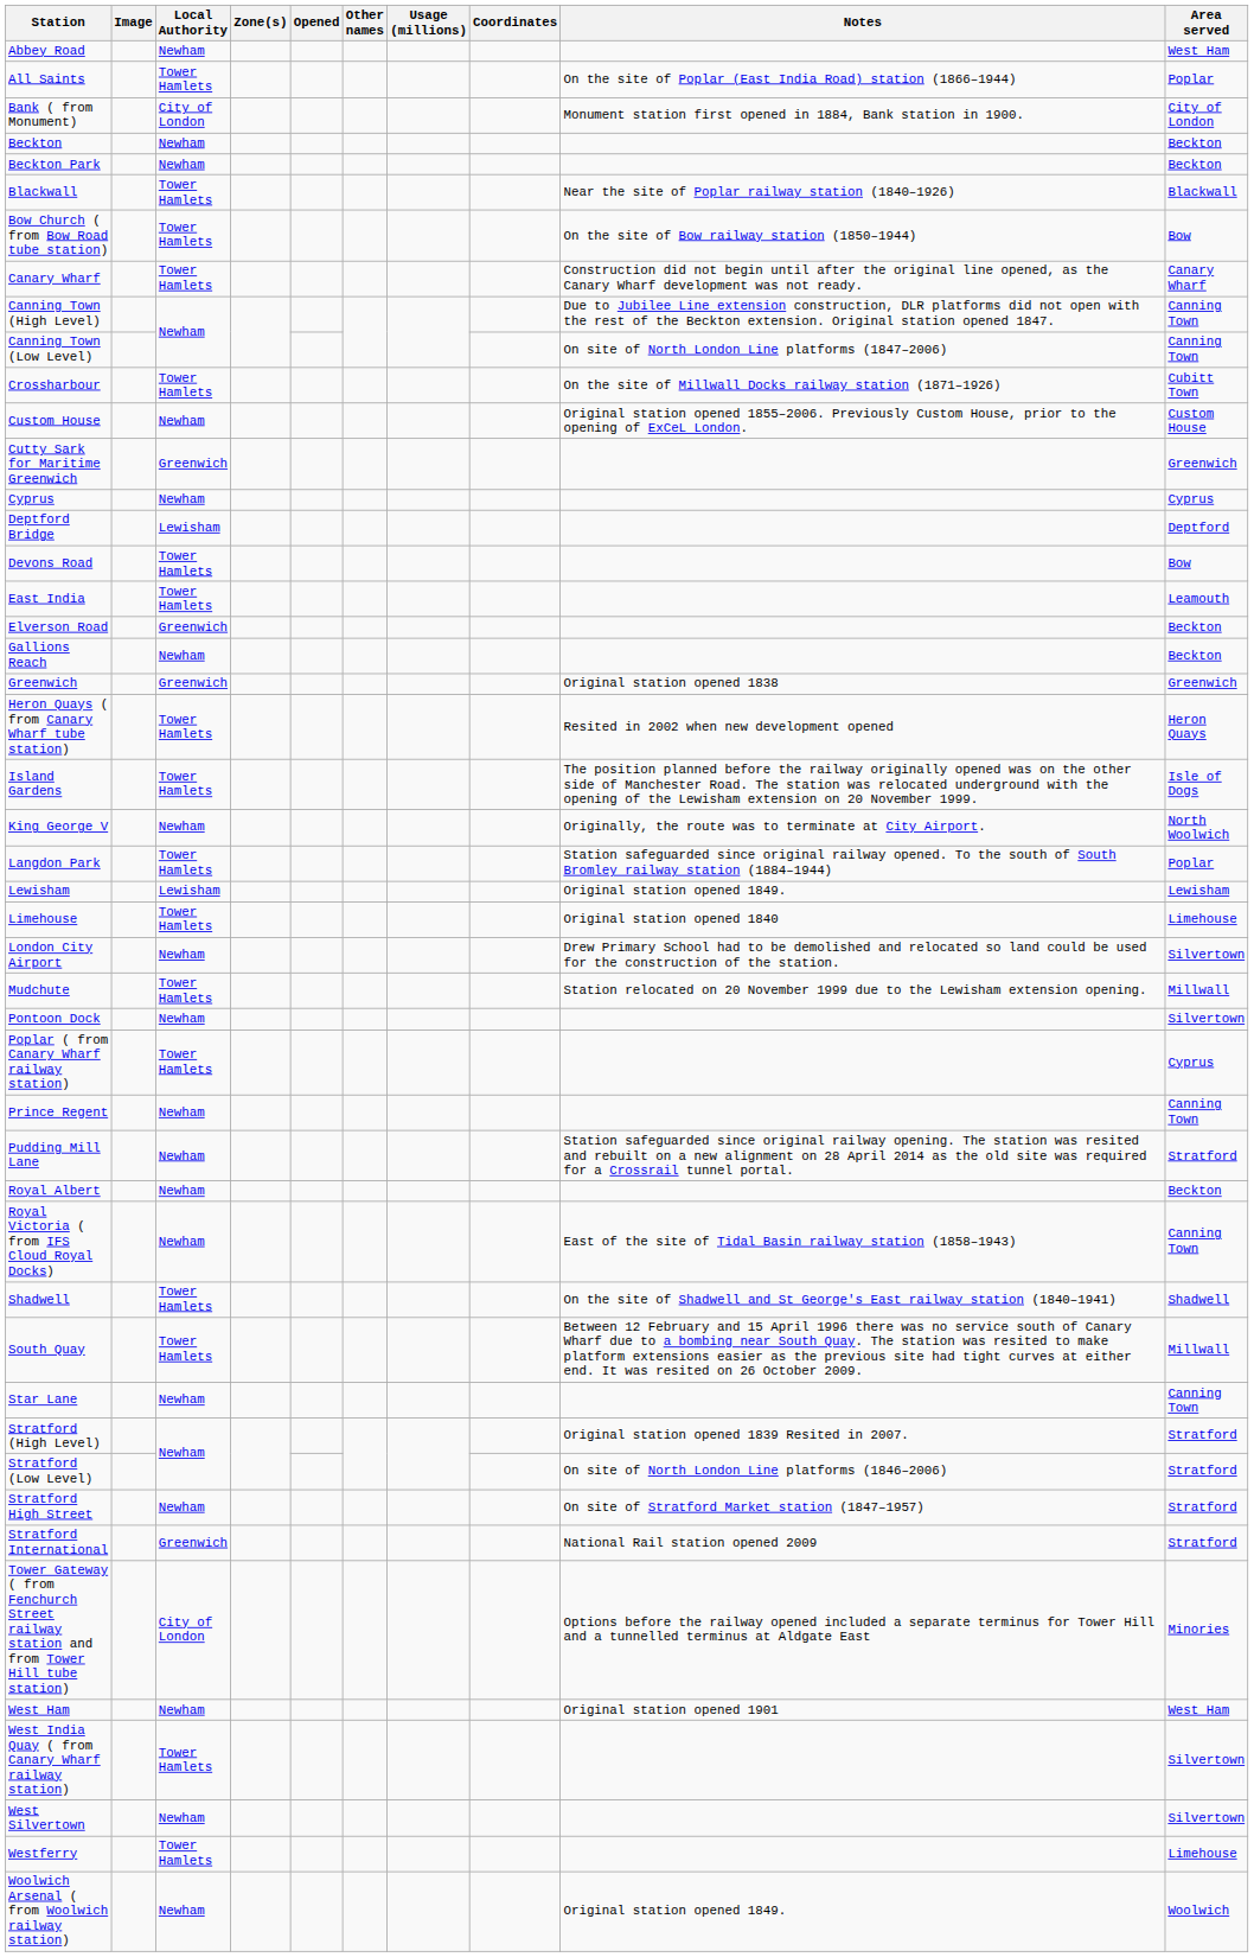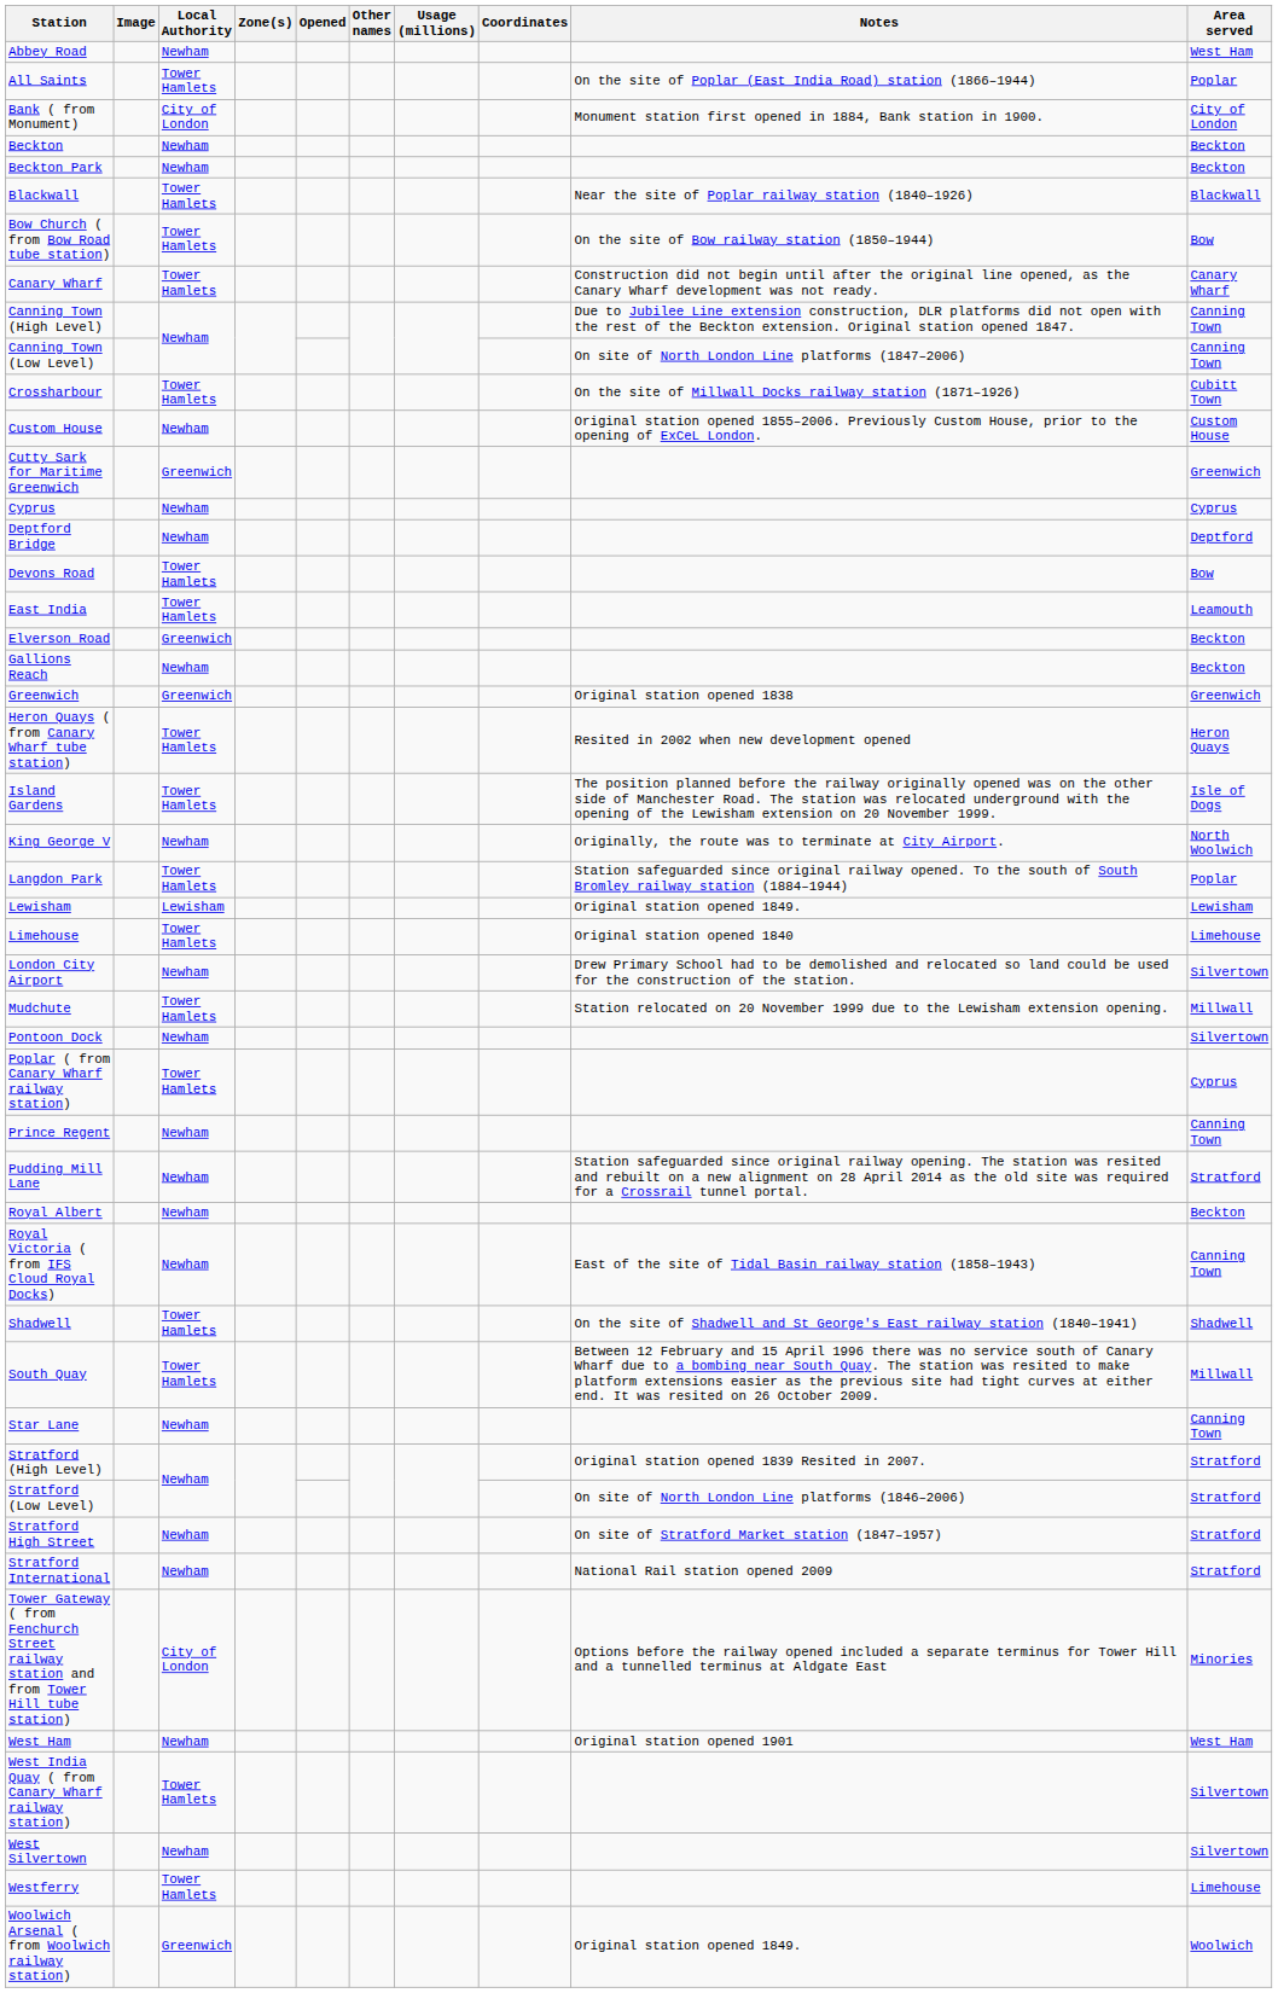 <table class="wikitable sortable" width="100%">
 <tr>
 <th>Station</th>
 <th class="unsortable" scope="col" width="80">Image</th>
 <th>Local Authority</th>
 <th>Zone(s)</th>
 <th>Opened</th>
 <th>Other names</th>
 <th>Usage (millions)</th>
 <th>Coordinates</th>
 <th class="unsortable" scope="col" width="100%">Notes</th>
 <th>Area served</th>
 </tr>
 <tr>
 <td><a href='#'>Abbey Road</a></td>
 <td></td>
 <td><a href='#'>Newham</a></td>
 <td></td>
 <td></td>
 <td></td>
 <td></td>
 <td></td>
 <td></td>
 <td><a href='#'>West Ham</a></td>
 </tr>
 <tr>
 <td><a href='#'>All Saints</a></td>
 <td></td>
 <td><a href='#'>Tower Hamlets</a></td>
 <td></td>
 <td></td>
 <td></td>
 <td></td>
 <td></td>
 <td>On the site of <a href='#'>Poplar (East India Road) station</a> (1866–1944)</td>
 <td><a href='#'>Poplar</a></td>
 </tr>
 <tr>
 <td><a href='#'>Bank</a>    (  from Monument)</td>
 <td></td>
 <td><a href='#'>City of London</a></td>
 <td></td>
 <td></td>
 <td></td>
 <td></td>
 <td></td>
 <td>Monument station first opened in 1884, Bank station in 1900.</td>
 <td><a href='#'>City of London</a></td>
 </tr>
 <tr>
 <td><a href='#'>Beckton</a></td>
 <td></td>
 <td><a href='#'>Newham</a></td>
 <td></td>
 <td></td>
 <td></td>
 <td></td>
 <td></td>
 <td></td>
 <td><a href='#'>Beckton</a></td>
 </tr>
 <tr>
 <td><a href='#'>Beckton Park</a></td>
 <td></td>
 <td><a href='#'>Newham</a></td>
 <td></td>
 <td></td>
 <td></td>
 <td></td>
 <td></td>
 <td></td>
 <td><a href='#'>Beckton</a></td>
 </tr>
 <tr>
 <td><a href='#'>Blackwall</a></td>
 <td></td>
 <td><a href='#'>Tower Hamlets</a></td>
 <td></td>
 <td></td>
 <td></td>
 <td></td>
 <td></td>
 <td>Near the site of <a href='#'>Poplar railway station</a> (1840–1926)</td>
 <td><a href='#'>Blackwall</a></td>
 </tr>
 <tr>
 <td><a href='#'>Bow Church</a> (  from <a href='#'>Bow Road tube station</a>)</td>
 <td></td>
 <td><a href='#'>Tower Hamlets</a></td>
 <td></td>
 <td></td>
 <td></td>
 <td></td>
 <td></td>
 <td>On the site of <a href='#'>Bow railway station</a> (1850–1944)</td>
 <td><a href='#'>Bow</a></td>
 </tr>
 <tr>
 <td><a href='#'>Canary Wharf</a>  </td>
 <td></td>
 <td><a href='#'>Tower Hamlets</a></td>
 <td></td>
 <td></td>
 <td></td>
 <td></td>
 <td></td>
 <td>Construction did not begin until after the original line opened, as the Canary Wharf development was not ready.</td>
 <td><a href='#'>Canary Wharf</a></td>
 </tr>
 <tr>
 <td><a href='#'>Canning Town</a><br>(High Level) </td>
 <td></td>
 <td rowspan="2"><a href='#'>Newham</a></td>
 <td rowspan="2"></td>
 <td></td>
 <td rowspan="2"></td>
 <td rowspan="2"></td>
 <td></td>
 <td>Due to <a href='#'>Jubilee Line extension</a> construction, DLR platforms did not open with the rest of the Beckton extension. Original station opened 1847.</td>
 <td><a href='#'>Canning Town</a></td>
 </tr>
 <tr>
 <td><a href='#'>Canning Town</a><br>(Low Level) </td>
 <td><br></td>
 <td><br> </td>
 <td></td>
 <td>On site of <a href='#'>North London Line</a> platforms (1847–2006)</td>
 <td><a href='#'>Canning Town</a></td>
 </tr>
 <tr>
 <td><a href='#'>Crossharbour</a></td>
 <td></td>
 <td><a href='#'>Tower Hamlets</a></td>
 <td></td>
 <td></td>
 <td></td>
 <td></td>
 <td></td>
 <td>On the site of <a href='#'>Millwall Docks railway station</a> (1871–1926)</td>
 <td><a href='#'>Cubitt Town</a></td>
 </tr>
 <tr>
 <td><a href='#'>Custom House</a> </td>
 <td></td>
 <td><a href='#'>Newham</a></td>
 <td></td>
 <td></td>
 <td></td>
 <td></td>
 <td></td>
 <td>Original station opened 1855–2006. Previously Custom House, prior to the opening of <a href='#'>ExCeL London</a>.</td>
 <td><a href='#'>Custom House</a></td>
 </tr>
 <tr>
 <td><a href='#'>Cutty Sark for Maritime Greenwich</a></td>
 <td></td>
 <td><a href='#'>Greenwich</a></td>
 <td></td>
 <td></td>
 <td></td>
 <td></td>
 <td></td>
 <td></td>
 <td><a href='#'>Greenwich</a></td>
 </tr>
 <tr>
 <td><a href='#'>Cyprus</a></td>
 <td></td>
 <td><a href='#'>Newham</a></td>
 <td></td>
 <td></td>
 <td></td>
 <td></td>
 <td></td>
 <td></td>
 <td><a href='#'>Cyprus</a></td>
 </tr>
 <tr>
 <td><a href='#'>Deptford Bridge</a></td>
 <td></td>
-<td><a href='#'>Lewisham</a></td>
+<td><a href='#'>Newham</a></td>
 <td></td>
 <td></td>
 <td></td>
 <td></td>
 <td></td>
 <td></td>
 <td><a href='#'>Deptford</a></td>
 </tr>
 <tr>
 <td><a href='#'>Devons Road</a></td>
 <td></td>
 <td><a href='#'>Tower Hamlets</a></td>
 <td></td>
 <td></td>
 <td></td>
 <td></td>
 <td></td>
 <td></td>
 <td><a href='#'>Bow</a></td>
 </tr>
 <tr>
 <td><a href='#'>East India</a></td>
 <td></td>
 <td><a href='#'>Tower Hamlets</a></td>
 <td></td>
 <td></td>
 <td></td>
 <td></td>
 <td></td>
 <td></td>
 <td><a href='#'>Leamouth</a></td>
 </tr>
 <tr>
 <td><a href='#'>Elverson Road</a></td>
 <td></td>
 <td><a href='#'>Greenwich</a></td>
 <td></td>
 <td></td>
 <td></td>
 <td></td>
 <td></td>
 <td></td>
 <td><a href='#'>Beckton</a></td>
 </tr>
 <tr>
 <td><a href='#'>Gallions Reach</a></td>
 <td></td>
 <td><a href='#'>Newham</a></td>
 <td></td>
 <td></td>
 <td></td>
 <td></td>
 <td></td>
 <td></td>
 <td><a href='#'>Beckton</a></td>
 </tr>
 <tr>
 <td><a href='#'>Greenwich</a> </td>
 <td></td>
 <td><a href='#'>Greenwich</a></td>
 <td></td>
 <td></td>
 <td></td>
 <td></td>
 <td></td>
 <td>Original station opened 1838</td>
 <td><a href='#'>Greenwich</a></td>
 </tr>
 <tr>
 <td><a href='#'>Heron Quays</a> ( from <a href='#'>Canary Wharf tube station</a>)</td>
 <td></td>
 <td><a href='#'>Tower Hamlets</a></td>
 <td></td>
 <td></td>
 <td></td>
 <td></td>
 <td></td>
 <td>Resited in 2002 when new development opened</td>
 <td><a href='#'>Heron Quays</a></td>
 </tr>
 <tr>
 <td><a href='#'>Island Gardens</a></td>
 <td></td>
 <td><a href='#'>Tower Hamlets</a></td>
 <td></td>
 <td></td>
 <td></td>
 <td></td>
 <td></td>
 <td>The position planned before the railway originally opened was on the other side of Manchester Road. The station was relocated underground with the opening of the Lewisham extension on 20 November 1999.</td>
 <td><a href='#'>Isle of Dogs</a></td>
 </tr>
 <tr>
 <td><a href='#'>King George V</a></td>
 <td></td>
 <td><a href='#'>Newham</a></td>
 <td></td>
 <td></td>
 <td></td>
 <td></td>
 <td></td>
 <td>Originally, the route was to terminate at <a href='#'>City Airport</a>.</td>
 <td><a href='#'>North Woolwich</a></td>
 </tr>
 <tr>
 <td><a href='#'>Langdon Park</a></td>
 <td></td>
 <td><a href='#'>Tower Hamlets</a></td>
 <td></td>
 <td></td>
 <td></td>
 <td></td>
 <td></td>
 <td>Station safeguarded since original railway opened. To the south of <a href='#'>South Bromley railway station</a> (1884–1944)</td>
 <td><a href='#'>Poplar</a></td>
 </tr>
 <tr>
 <td><a href='#'>Lewisham</a> </td>
 <td></td>
 <td><a href='#'>Lewisham</a></td>
 <td></td>
 <td></td>
 <td></td>
 <td></td>
 <td></td>
 <td>Original station opened 1849.</td>
 <td><a href='#'>Lewisham</a></td>
 </tr>
 <tr>
 <td><a href='#'>Limehouse</a> </td>
 <td></td>
 <td><a href='#'>Tower Hamlets</a></td>
 <td></td>
 <td></td>
 <td></td>
 <td></td>
 <td></td>
 <td>Original station opened 1840</td>
 <td><a href='#'>Limehouse</a></td>
 </tr>
 <tr>
 <td><a href='#'>London City Airport</a> </td>
 <td></td>
 <td><a href='#'>Newham</a></td>
 <td></td>
 <td></td>
 <td></td>
 <td></td>
 <td></td>
 <td>Drew Primary School had to be demolished and relocated so land could be used for the construction of the station.</td>
 <td><a href='#'>Silvertown</a></td>
 </tr>
 <tr>
 <td><a href='#'>Mudchute</a></td>
 <td></td>
 <td><a href='#'>Tower Hamlets</a></td>
 <td></td>
 <td></td>
 <td></td>
 <td></td>
 <td></td>
 <td>Station relocated on 20 November 1999 due to the Lewisham extension opening.</td>
 <td><a href='#'>Millwall</a></td>
 </tr>
 <tr>
 <td><a href='#'>Pontoon Dock</a></td>
 <td></td>
 <td><a href='#'>Newham</a></td>
 <td></td>
 <td></td>
 <td></td>
 <td></td>
 <td></td>
 <td></td>
 <td><a href='#'>Silvertown</a></td>
 </tr>
 <tr>
 <td><a href='#'>Poplar</a> ( from <a href='#'>Canary Wharf railway station</a>)</td>
 <td></td>
 <td><a href='#'>Tower Hamlets</a></td>
 <td></td>
 <td></td>
 <td></td>
 <td></td>
 <td></td>
 <td></td>
 <td><a href='#'>Cyprus</a></td>
 </tr>
 <tr>
 <td><a href='#'>Prince Regent</a></td>
 <td></td>
 <td><a href='#'>Newham</a></td>
 <td></td>
 <td></td>
 <td></td>
 <td></td>
 <td></td>
 <td></td>
 <td><a href='#'>Canning Town</a></td>
 </tr>
 <tr>
 <td><a href='#'>Pudding Mill Lane</a></td>
 <td></td>
 <td><a href='#'>Newham</a></td>
 <td></td>
 <td></td>
 <td></td>
 <td></td>
 <td></td>
 <td>Station safeguarded since original railway opening. The station was resited and rebuilt on a new alignment on 28 April 2014 as the old site was required for a <a href='#'>Crossrail</a> tunnel portal.</td>
 <td><a href='#'>Stratford</a></td>
 </tr>
 <tr>
 <td><a href='#'>Royal Albert</a></td>
 <td></td>
 <td><a href='#'>Newham</a></td>
 <td></td>
 <td></td>
 <td></td>
 <td></td>
 <td></td>
 <td></td>
 <td><a href='#'>Beckton</a></td>
 </tr>
 <tr>
 <td><a href='#'>Royal Victoria</a> ( from <a href='#'>IFS Cloud Royal Docks</a>)</td>
 <td></td>
 <td><a href='#'>Newham</a></td>
 <td></td>
 <td></td>
 <td></td>
 <td></td>
 <td></td>
 <td>East of the site of <a href='#'>Tidal Basin railway station</a> (1858–1943)</td>
 <td><a href='#'>Canning Town</a></td>
 </tr>
 <tr>
 <td><a href='#'>Shadwell</a> </td>
 <td></td>
 <td><a href='#'>Tower Hamlets</a></td>
 <td></td>
 <td></td>
 <td></td>
 <td></td>
 <td></td>
 <td>On the site of <a href='#'>Shadwell and St George's East railway station</a> (1840–1941)</td>
 <td><a href='#'>Shadwell</a></td>
 </tr>
 <tr>
 <td><a href='#'>South Quay</a></td>
 <td></td>
 <td><a href='#'>Tower Hamlets</a></td>
 <td></td>
 <td></td>
 <td></td>
 <td></td>
 <td></td>
 <td>Between 12 February and 15 April 1996 there was no service south of Canary Wharf due to <a href='#'>a bombing near South Quay</a>. The station was resited to make platform extensions easier as the previous site had tight curves at either end. It was resited on 26 October 2009.</td>
 <td><a href='#'>Millwall</a></td>
 </tr>
 <tr>
 <td><a href='#'>Star Lane</a></td>
 <td></td>
 <td><a href='#'>Newham</a></td>
 <td></td>
 <td></td>
 <td></td>
 <td></td>
 <td></td>
 <td></td>
 <td><a href='#'>Canning Town</a></td>
 </tr>
 <tr>
 <td><a href='#'>Stratford</a><br>(High Level)     </td>
 <td></td>
 <td rowspan="2"><a href='#'>Newham</a></td>
 <td rowspan="2"></td>
 <td></td>
 <td rowspan="2"></td>
 <td rowspan="2"></td>
 <td></td>
 <td>Original station opened 1839 Resited in 2007.</td>
 <td><a href='#'>Stratford</a></td>
 </tr>
 <tr>
 <td><a href='#'>Stratford</a><br>(Low Level)     </td>
 <td><br></td>
 <td><br> </td>
 <td></td>
 <td>On site of <a href='#'>North London Line</a> platforms (1846–2006)</td>
 <td><a href='#'>Stratford</a></td>
 </tr>
 <tr>
 <td><a href='#'>Stratford High Street</a></td>
 <td></td>
 <td><a href='#'>Newham</a></td>
 <td></td>
 <td></td>
 <td></td>
 <td></td>
 <td></td>
 <td>On site of <a href='#'>Stratford Market station</a> (1847–1957)</td>
 <td><a href='#'>Stratford</a></td>
 </tr>
 <tr>
 <td><a href='#'>Stratford International</a> </td>
 <td></td>
-<td><a href='#'>Greenwich</a></td>
+<td><a href='#'>Newham</a></td>
 <td></td>
 <td></td>
 <td></td>
 <td></td>
 <td></td>
 <td>National Rail station opened 2009</td>
 <td><a href='#'>Stratford</a></td>
 </tr>
 <tr>
 <td><a href='#'>Tower Gateway</a> ( from <a href='#'>Fenchurch Street railway station</a> and   from <a href='#'>Tower Hill tube station</a>)</td>
 <td></td>
 <td><a href='#'>City of London</a></td>
 <td></td>
 <td></td>
 <td></td>
 <td></td>
 <td></td>
 <td>Options before the railway opened included a separate terminus for Tower Hill and a tunnelled terminus at Aldgate East</td>
 <td><a href='#'>Minories</a></td>
 </tr>
 <tr>
 <td><a href='#'>West Ham</a>    </td>
 <td></td>
 <td><a href='#'>Newham</a></td>
 <td></td>
 <td></td>
 <td></td>
 <td></td>
 <td></td>
 <td>Original station opened 1901</td>
 <td><a href='#'>West Ham</a></td>
 </tr>
 <tr>
 <td><a href='#'>West India Quay</a> ( from <a href='#'>Canary Wharf railway station</a>)</td>
 <td></td>
 <td><a href='#'>Tower Hamlets</a></td>
 <td></td>
 <td></td>
 <td></td>
 <td></td>
 <td></td>
 <td></td>
 <td><a href='#'>Silvertown</a></td>
 </tr>
 <tr>
 <td><a href='#'>West Silvertown</a></td>
 <td></td>
 <td><a href='#'>Newham</a></td>
 <td></td>
 <td></td>
 <td></td>
 <td></td>
 <td></td>
 <td></td>
 <td><a href='#'>Silvertown</a></td>
 </tr>
 <tr>
 <td><a href='#'>Westferry</a></td>
 <td></td>
 <td><a href='#'>Tower Hamlets</a></td>
 <td></td>
 <td></td>
 <td></td>
 <td></td>
 <td></td>
 <td></td>
 <td><a href='#'>Limehouse</a></td>
 </tr>
 <tr>
 <td><a href='#'>Woolwich Arsenal</a>  ( from <a href='#'>Woolwich railway station</a>)</td>
 <td></td>
-<td><a href='#'>Newham</a></td>
+<td><a href='#'>Greenwich</a></td>
 <td></td>
 <td></td>
 <td></td>
 <td></td>
 <td></td>
 <td>Original station opened 1849.</td>
 <td><a href='#'>Woolwich</a></td>
 </tr>
 </table>
